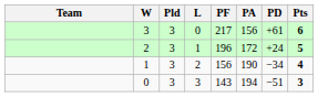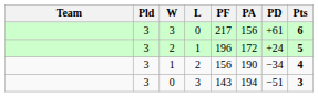 <table class=wikitable style="text-align:center">
 <tr>
 <th width=180>Team</th>
+<th width=30>Pld</th>
 <th width=30>W</th>
-<th width=30>Pld</th>
 <th width=30>L</th>
 <th width=30>PF</th>
 <th width=30>PA</th>
 <th width=30>PD</th>
 <th width=30>Pts</th>
 </tr>
 <tr bgcolor="#ccffcc">
 <td align=left></td>
 <td>3</td>
 <td>3</td>
 <td>0</td>
 <td>217</td>
 <td>156</td>
 <td>+61</td>
 <td><strong>6</strong></td>
 </tr>
 <tr bgcolor="#ccffcc">
 <td align=left></td>
+<td>3</td>
 <td>2</td>
-<td>3</td>
 <td>1</td>
 <td>196</td>
 <td>172</td>
 <td>+24</td>
 <td><strong>5</strong></td>
 </tr>
 <tr align=center>
 <td align=left></td>
+<td>3</td>
 <td>1</td>
-<td>3</td>
 <td>2</td>
 <td>156</td>
 <td>190</td>
 <td>−34</td>
 <td><strong>4</strong></td>
 </tr>
 <tr align=center>
 <td align=left></td>
+<td>3</td>
 <td>0</td>
-<td>3</td>
 <td>3</td>
 <td>143</td>
 <td>194</td>
 <td>−51</td>
 <td><strong>3</strong></td>
 </tr>
 </table>
